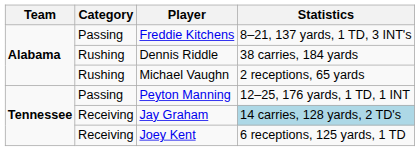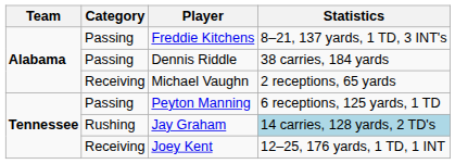 <table class="wikitable" style="float: right;">
 <tr>
 <th>Team</th>
 <th>Category</th>
 <th>Player</th>
 <th>Statistics</th>
 </tr>
 <tr>
 <td rowspan=3><strong>Alabama</strong></td>
 <td>Passing</td>
 <td><a href='#'>Freddie Kitchens</a></td>
 <td>8–21, 137 yards, 1 TD, 3 INT's</td>
 </tr>
 <tr>
-<td>Rushing</td>
+<td>Passing</td>
 <td>Dennis Riddle</td>
 <td>38 carries, 184 yards</td>
 </tr>
 <tr>
-<td>Rushing</td>
+<td>Receiving</td>
 <td>Michael Vaughn</td>
 <td>2 receptions, 65 yards</td>
 </tr>
 <tr>
 <td rowspan=3><strong>Tennessee</strong></td>
 <td>Passing</td>
 <td><a href='#'>Peyton Manning</a></td>
-<td>12–25, 176 yards, 1 TD, 1 INT</td>
+<td>6 receptions, 125 yards, 1 TD</td>
 </tr>
 <tr>
-<td>Receiving</td>
+<td>Rushing</td>
 <td><a href='#'>Jay Graham</a></td>
 <td style="background: lightblue;">14 carries, 128 yards, 2 TD's</td>
 </tr>
 <tr>
 <td>Receiving</td>
 <td><a href='#'>Joey Kent</a></td>
-<td>6 receptions, 125 yards, 1 TD</td>
+<td>12–25, 176 yards, 1 TD, 1 INT</td>
 </tr>
 </table>
